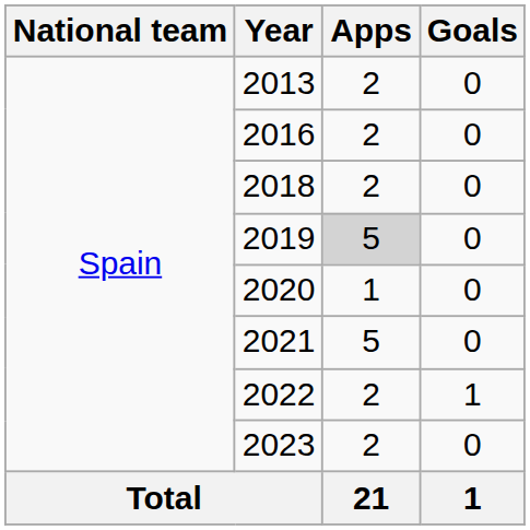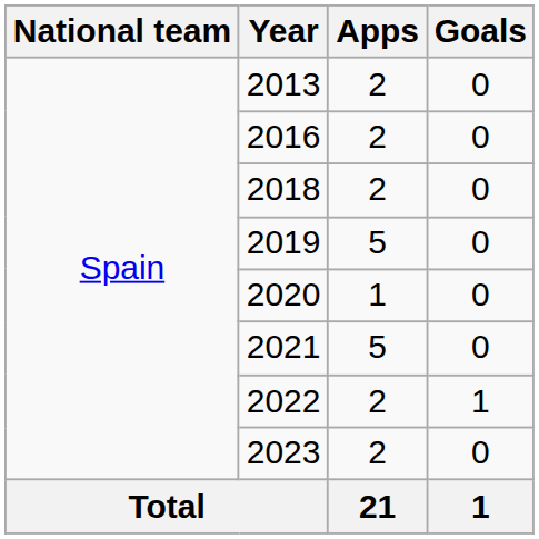 <table class="wikitable" style="text-align:center">
 <tr>
 <th>National team</th>
 <th>Year</th>
 <th>Apps</th>
 <th>Goals</th>
 </tr>
 <tr>
 <td rowspan="8"><a href='#'>Spain</a></td>
 <td>2013</td>
 <td>2</td>
 <td>0</td>
 </tr>
 <tr>
 <td>2016</td>
 <td>2</td>
 <td>0</td>
 </tr>
 <tr>
 <td>2018</td>
 <td>2</td>
 <td>0</td>
 </tr>
 <tr>
 <td>2019</td>
-<td style="background: lightgrey;">5</td>
+<td>5</td>
 <td>0</td>
 </tr>
 <tr>
 <td>2020</td>
 <td>1</td>
 <td>0</td>
 </tr>
 <tr>
 <td>2021</td>
 <td>5</td>
 <td>0</td>
 </tr>
 <tr>
 <td>2022</td>
 <td>2</td>
 <td>1</td>
 </tr>
 <tr>
 <td>2023</td>
 <td>2</td>
 <td>0</td>
 </tr>
 <tr>
 <th colspan="2">Total</th>
 <th>21</th>
 <th>1</th>
 </tr>
 </table>
